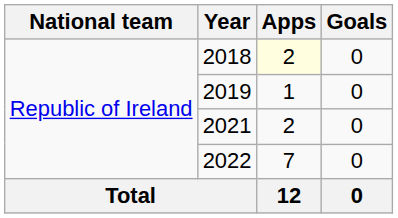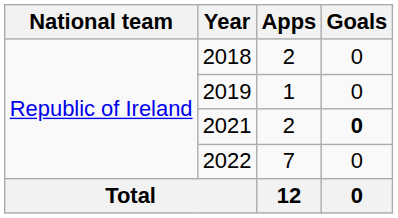 <table class="wikitable" style="text-align:center">
 <tr>
 <th scope="col">National team</th>
 <th scope="col">Year</th>
 <th !scope="col">Apps</th>
 <th>Goals</th>
 </tr>
 <tr>
 <td rowspan="4"><a href='#'>Republic of Ireland</a></td>
 <td scope="row">2018</td>
-<td style="background: lightyellow;">2</td>
+<td>2</td>
 <td>0</td>
 </tr>
 <tr>
 <td scope="row">2019</td>
 <td>1</td>
 <td>0</td>
 </tr>
 <tr>
 <td scope="row">2021</td>
 <td>2</td>
-<td>0</td>
+<td><strong>0</strong></td>
 </tr>
 <tr>
 <td scope="row">2022</td>
 <td>7</td>
 <td>0</td>
 </tr>
 <tr>
 <th colspan="2">Total</th>
 <th>12</th>
 <th>0</th>
 </tr>
 </table>
